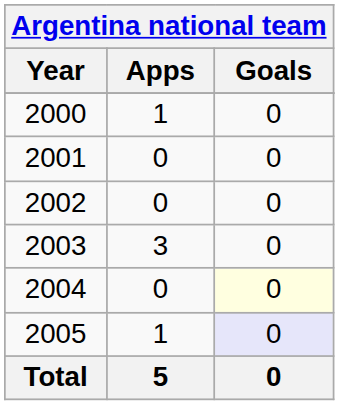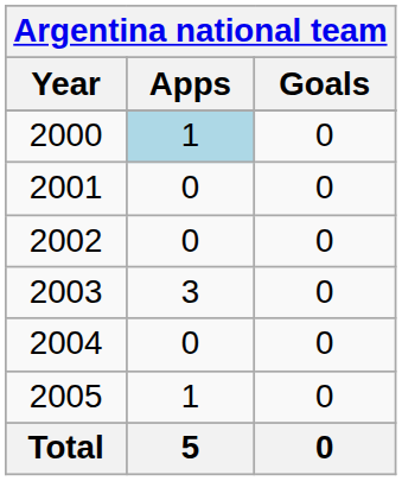 <table class="wikitable" style="text-align:center">
 <tr>
 <th colspan=3><a href='#'>Argentina national team</a></th>
 </tr>
 <tr>
 <th>Year</th>
 <th>Apps</th>
 <th>Goals</th>
 </tr>
 <tr>
 </tr>
 <tr>
 <td>2000</td>
-<td>1</td>
+<td style="background: lightblue;">1</td>
 <td>0</td>
 </tr>
 <tr>
 <td>2001</td>
 <td>0</td>
 <td>0</td>
 </tr>
 <tr>
 <td>2002</td>
 <td>0</td>
 <td>0</td>
 </tr>
 <tr>
 <td>2003</td>
 <td>3</td>
 <td>0</td>
 </tr>
 <tr>
 <td>2004</td>
 <td>0</td>
-<td style="background: lightyellow;">0</td>
+<td>0</td>
 </tr>
 <tr>
 <td>2005</td>
 <td>1</td>
-<td style="background: lavender;">0</td>
+<td>0</td>
 </tr>
 <tr>
 <th>Total</th>
 <th>5</th>
 <th>0</th>
 </tr>
 </table>
